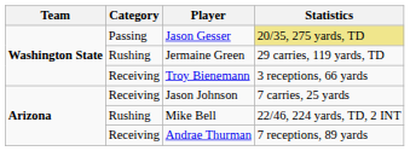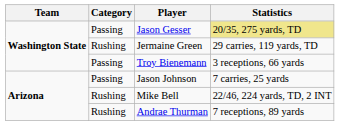 <table class="wikitable" style="float: right;">
 <tr>
 <th>Team</th>
 <th>Category</th>
 <th>Player</th>
 <th>Statistics</th>
 </tr>
 <tr>
 <td rowspan=3><strong>Washington State</strong></td>
 <td>Passing</td>
 <td><a href='#'>Jason Gesser</a></td>
 <td style="background: khaki;">20/35, 275 yards, TD</td>
 </tr>
 <tr>
 <td>Rushing</td>
 <td>Jermaine Green</td>
 <td>29 carries, 119 yards, TD</td>
 </tr>
 <tr>
-<td>Receiving</td>
+<td>Passing</td>
 <td><a href='#'>Troy Bienemann</a></td>
 <td>3 receptions, 66 yards</td>
 </tr>
 <tr>
 <td rowspan=3><strong>Arizona</strong></td>
-<td>Receiving</td>
+<td>Passing</td>
 <td>Jason Johnson</td>
 <td>7 carries, 25 yards</td>
 </tr>
 <tr>
 <td>Rushing</td>
 <td>Mike Bell</td>
 <td>22/46, 224 yards, TD, 2 INT</td>
 </tr>
 <tr>
-<td>Receiving</td>
+<td>Rushing</td>
 <td><a href='#'>Andrae Thurman</a></td>
 <td>7 receptions, 89 yards</td>
 </tr>
 </table>
